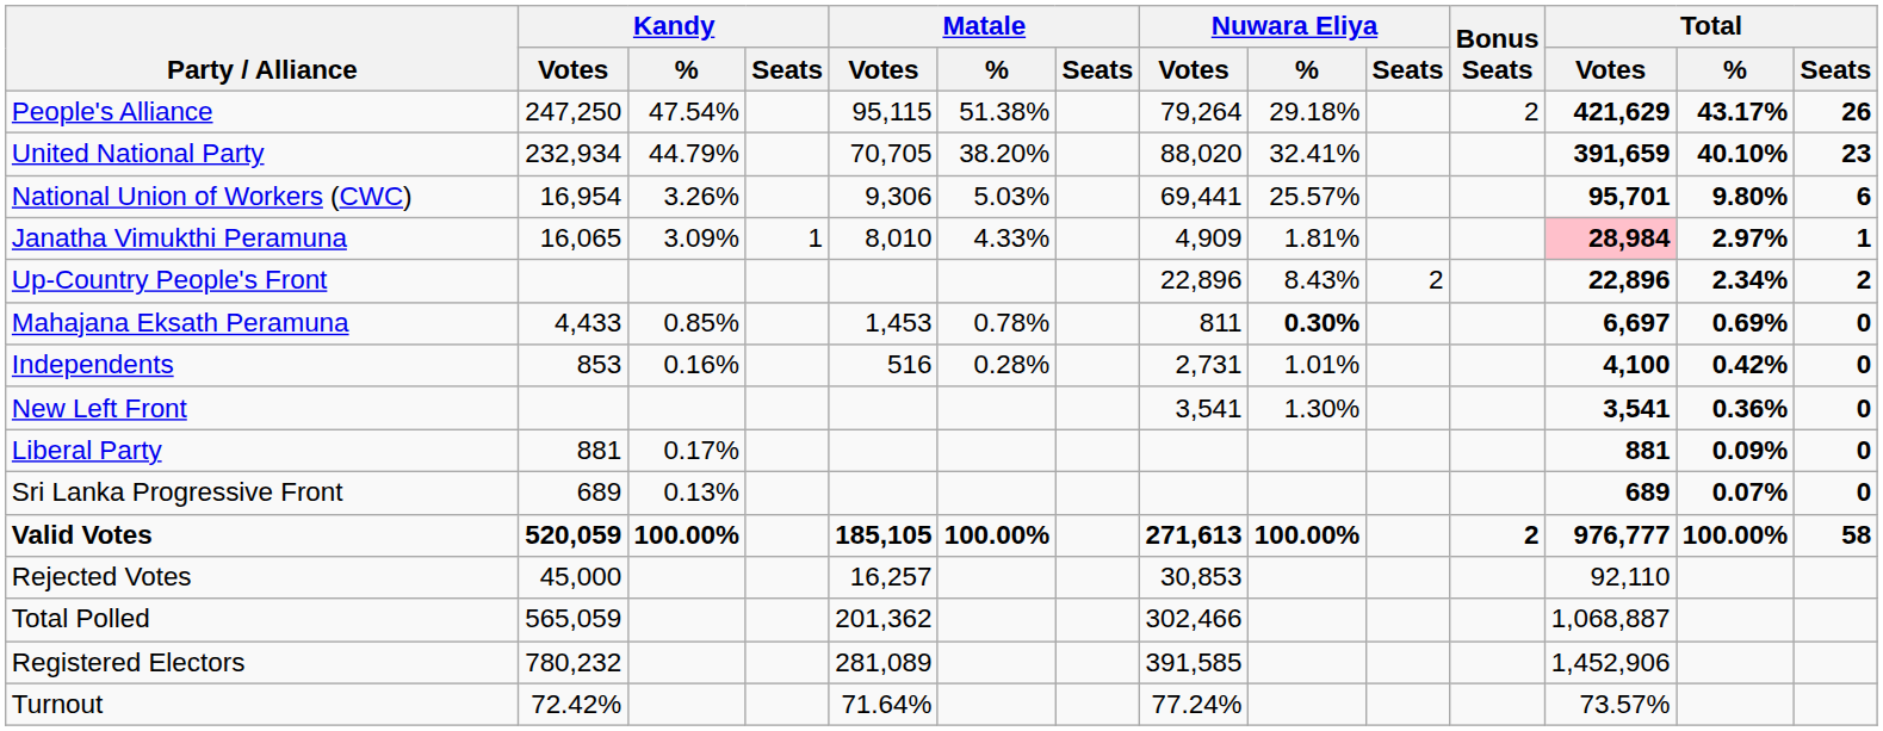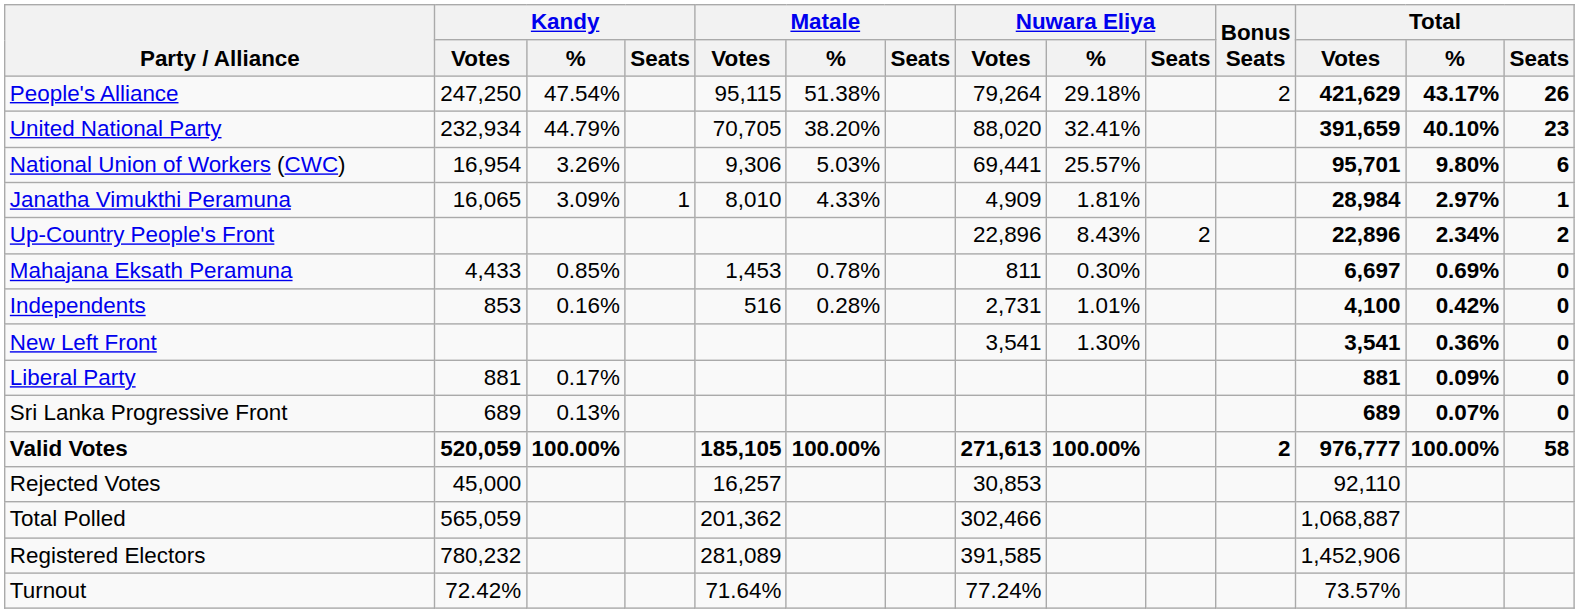 <table class="wikitable" border="1" style="text-align:right;">
 <tr>
 <th valign=bottom rowspan=2 width="300">Party / Alliance</th>
 <th colspan=3><a href='#'>Kandy</a></th>
 <th colspan=3><a href='#'>Matale</a></th>
 <th colspan=3><a href='#'>Nuwara Eliya</a></th>
 <th valign=bottom rowspan=2 width="40">Bonus<br>Seats</th>
 <th colspan=3>Total</th>
 </tr>
 <tr>
 <th align=center valign=bottom width="50">Votes</th>
 <th align=center valign=bottom width="50">%</th>
 <th align=center valign=bottom width="40">Seats</th>
 <th align=center valign=bottom width="50">Votes</th>
 <th align=center valign=bottom width="50">%</th>
 <th align=center valign=bottom width="40">Seats</th>
 <th align=center valign=bottom width="50">Votes</th>
 <th align=center valign=bottom width="50">%</th>
 <th align=center valign=bottom width="40">Seats</th>
 <th align=center valign=bottom width="50">Votes</th>
 <th align=center valign=bottom width="50">%</th>
 <th align=center valign=bottom width="40">Seats</th>
 </tr>
 <tr>
 <td align=left><a href='#'>People's Alliance</a></td>
 <td>247,250</td>
 <td>47.54%</td>
 <td></td>
 <td>95,115</td>
 <td>51.38%</td>
 <td></td>
 <td>79,264</td>
 <td>29.18%</td>
 <td></td>
 <td>2</td>
 <td><strong>421,629</strong></td>
 <td><strong>43.17%</strong></td>
 <td><strong>26</strong></td>
 </tr>
 <tr>
 <td align=left><a href='#'>United National Party</a></td>
 <td>232,934</td>
 <td>44.79%</td>
 <td></td>
 <td>70,705</td>
 <td>38.20%</td>
 <td></td>
 <td>88,020</td>
 <td>32.41%</td>
 <td></td>
 <td></td>
 <td><strong>391,659</strong></td>
 <td><strong>40.10%</strong></td>
 <td><strong>23</strong></td>
 </tr>
 <tr>
 <td align=left><a href='#'>National Union of Workers</a> (<a href='#'>CWC</a>)</td>
 <td>16,954</td>
 <td>3.26%</td>
 <td></td>
 <td>9,306</td>
 <td>5.03%</td>
 <td></td>
 <td>69,441</td>
 <td>25.57%</td>
 <td></td>
 <td></td>
 <td><strong>95,701</strong></td>
 <td><strong>9.80%</strong></td>
 <td><strong>6</strong></td>
 </tr>
 <tr>
 <td align=left><a href='#'>Janatha Vimukthi Peramuna</a></td>
 <td>16,065</td>
 <td>3.09%</td>
 <td>1</td>
 <td>8,010</td>
 <td>4.33%</td>
 <td></td>
 <td>4,909</td>
 <td>1.81%</td>
 <td></td>
 <td></td>
-<td style="background: pink;"><strong>28,984</strong></td>
+<td><strong>28,984</strong></td>
 <td><strong>2.97%</strong></td>
 <td><strong>1</strong></td>
 </tr>
 <tr>
 <td align=left><a href='#'>Up-Country People's Front</a></td>
 <td></td>
 <td></td>
 <td></td>
 <td></td>
 <td></td>
 <td></td>
 <td>22,896</td>
 <td>8.43%</td>
 <td>2</td>
 <td></td>
 <td><strong>22,896</strong></td>
 <td><strong>2.34%</strong></td>
 <td><strong>2</strong></td>
 </tr>
 <tr>
 <td align=left><a href='#'>Mahajana Eksath Peramuna</a></td>
 <td>4,433</td>
 <td>0.85%</td>
 <td></td>
 <td>1,453</td>
 <td>0.78%</td>
 <td></td>
 <td>811</td>
-<td><strong>0.30%</strong></td>
+<td>0.30%</td>
 <td></td>
 <td></td>
 <td><strong>6,697</strong></td>
 <td><strong>0.69%</strong></td>
 <td><strong>0</strong></td>
 </tr>
 <tr>
 <td align=left><a href='#'>Independents</a></td>
 <td>853</td>
 <td>0.16%</td>
 <td></td>
 <td>516</td>
 <td>0.28%</td>
 <td></td>
 <td>2,731</td>
 <td>1.01%</td>
 <td></td>
 <td></td>
 <td><strong>4,100</strong></td>
 <td><strong>0.42%</strong></td>
 <td><strong>0</strong></td>
 </tr>
 <tr>
 <td align=left><a href='#'>New Left Front</a></td>
 <td></td>
 <td></td>
 <td></td>
 <td></td>
 <td></td>
 <td></td>
 <td>3,541</td>
 <td>1.30%</td>
 <td></td>
 <td></td>
 <td><strong>3,541</strong></td>
 <td><strong>0.36%</strong></td>
 <td><strong>0</strong></td>
 </tr>
 <tr>
 <td align=left><a href='#'>Liberal Party</a></td>
 <td>881</td>
 <td>0.17%</td>
 <td></td>
 <td></td>
 <td></td>
 <td></td>
 <td></td>
 <td></td>
 <td></td>
 <td></td>
 <td><strong>881</strong></td>
 <td><strong>0.09%</strong></td>
 <td><strong>0</strong></td>
 </tr>
 <tr>
 <td align=left>Sri Lanka Progressive Front</td>
 <td>689</td>
 <td>0.13%</td>
 <td></td>
 <td></td>
 <td></td>
 <td></td>
 <td></td>
 <td></td>
 <td></td>
 <td></td>
 <td><strong>689</strong></td>
 <td><strong>0.07%</strong></td>
 <td><strong>0</strong></td>
 </tr>
 <tr>
 <td align=left><strong>Valid Votes</strong></td>
 <td><strong>520,059</strong></td>
 <td><strong>100.00%</strong></td>
 <td></td>
 <td><strong>185,105</strong></td>
 <td><strong>100.00%</strong></td>
 <td></td>
 <td><strong>271,613</strong></td>
 <td><strong>100.00%</strong></td>
 <td></td>
 <td><strong>2</strong></td>
 <td><strong>976,777</strong></td>
 <td><strong>100.00%</strong></td>
 <td><strong>58</strong></td>
 </tr>
 <tr>
 <td align=left>Rejected Votes</td>
 <td>45,000</td>
 <td></td>
 <td></td>
 <td>16,257</td>
 <td></td>
 <td></td>
 <td>30,853</td>
 <td></td>
 <td></td>
 <td></td>
 <td>92,110</td>
 <td></td>
 <td></td>
 </tr>
 <tr>
 <td align=left>Total Polled</td>
 <td>565,059</td>
 <td></td>
 <td></td>
 <td>201,362</td>
 <td></td>
 <td></td>
 <td>302,466</td>
 <td></td>
 <td></td>
 <td></td>
 <td>1,068,887</td>
 <td></td>
 <td></td>
 </tr>
 <tr>
 <td align=left>Registered Electors</td>
 <td>780,232</td>
 <td></td>
 <td></td>
 <td>281,089</td>
 <td></td>
 <td></td>
 <td>391,585</td>
 <td></td>
 <td></td>
 <td></td>
 <td>1,452,906</td>
 <td></td>
 <td></td>
 </tr>
 <tr>
 <td align=left>Turnout</td>
 <td>72.42%</td>
 <td></td>
 <td></td>
 <td>71.64%</td>
 <td></td>
 <td></td>
 <td>77.24%</td>
 <td></td>
 <td></td>
 <td></td>
 <td>73.57%</td>
 <td></td>
 <td></td>
 </tr>
 </table>
